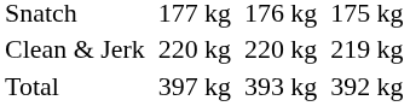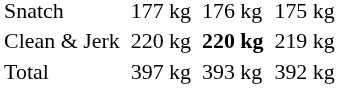 <table>
 <tr>
 <td>Snatch</td>
 <td></td>
 <td>177 kg</td>
 <td></td>
 <td>176 kg</td>
 <td></td>
 <td>175 kg</td>
 </tr>
 <tr>
 <td>Clean & Jerk</td>
 <td></td>
 <td>220 kg</td>
 <td></td>
-<td>220 kg</td>
+<td><strong>220 kg</strong></td>
 <td></td>
 <td>219 kg</td>
 </tr>
 <tr>
 <td>Total</td>
 <td></td>
 <td>397 kg</td>
 <td></td>
 <td>393 kg</td>
 <td></td>
 <td>392 kg</td>
 </tr>
 </table>
